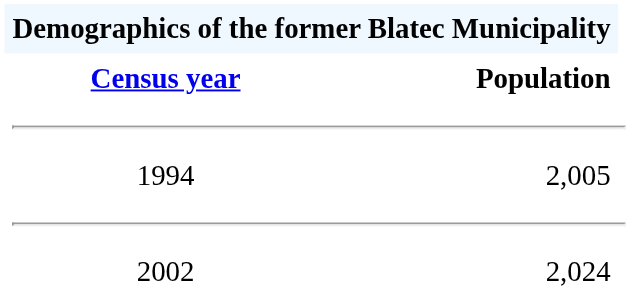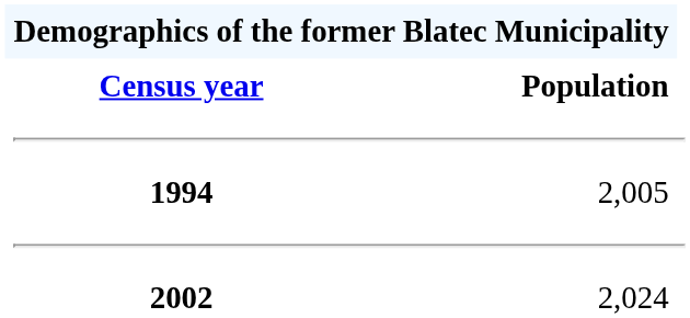 <table class="toccolours" align="center" cellpadding="4" cellspacing="0" style="margin:0 0 1em 1em; font-size: 95%;">
 <tr>
 <th colspan=2 bgcolor="#F0F8FF" align="center">Demographics of the former <strong>Blatec Municipality</strong></th>
 <th></th>
 </tr>
 <tr>
 <th align="center"><a href='#'>Census year</a></th>
 <th align="right">Population</th>
 </tr>
 <tr>
 <td colspan=3><hr></td>
 </tr>
 <tr>
-<td align="center">1994</td>
+<td align="center"><strong>1994</strong></td>
 <td align="right">2,005</td>
 </tr>
 <tr>
 <td colspan=3><hr></td>
 </tr>
 <tr>
-<td align="center">2002</td>
+<td align="center"><strong>2002</strong></td>
 <td align="right">2,024</td>
 </tr>
 <tr>
 </tr>
 </table>
